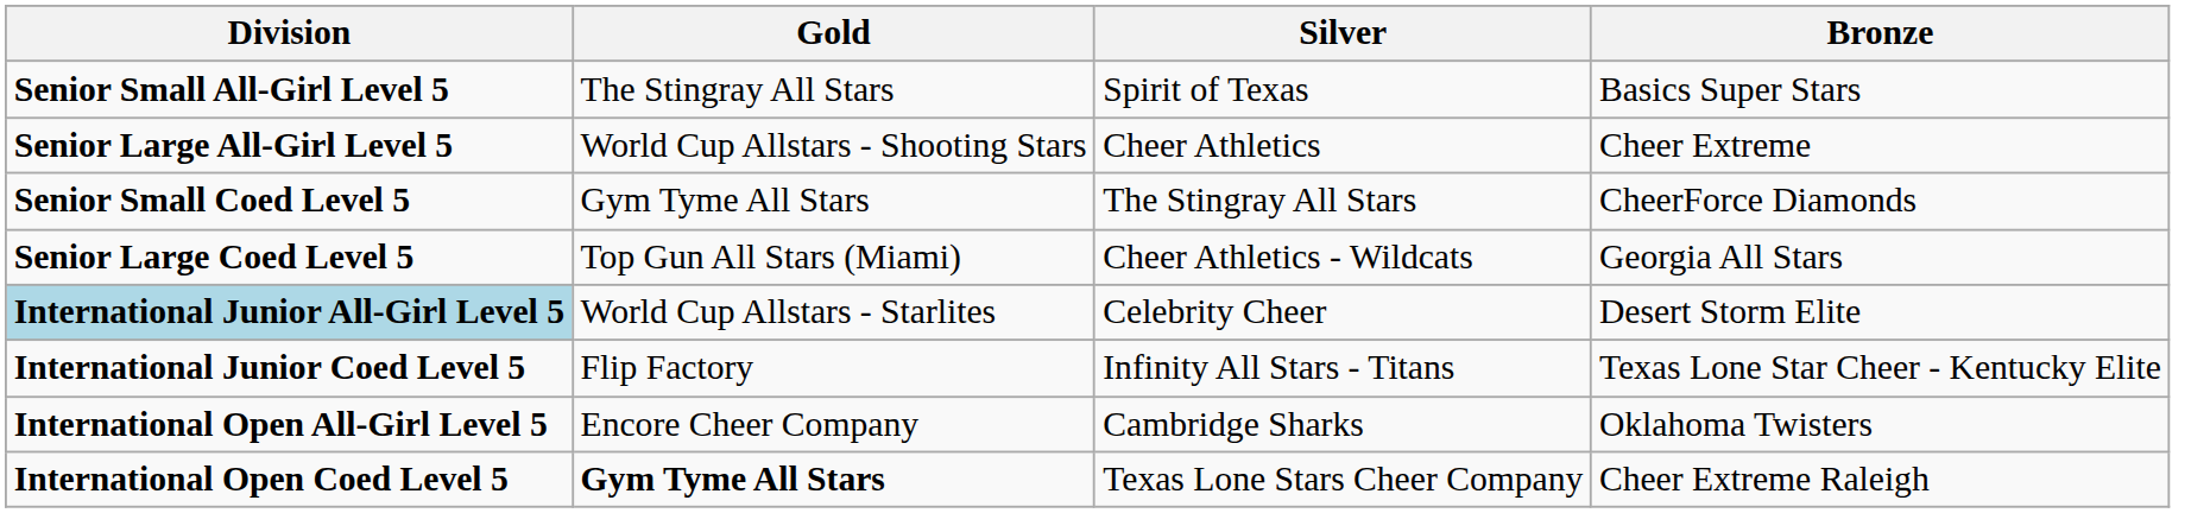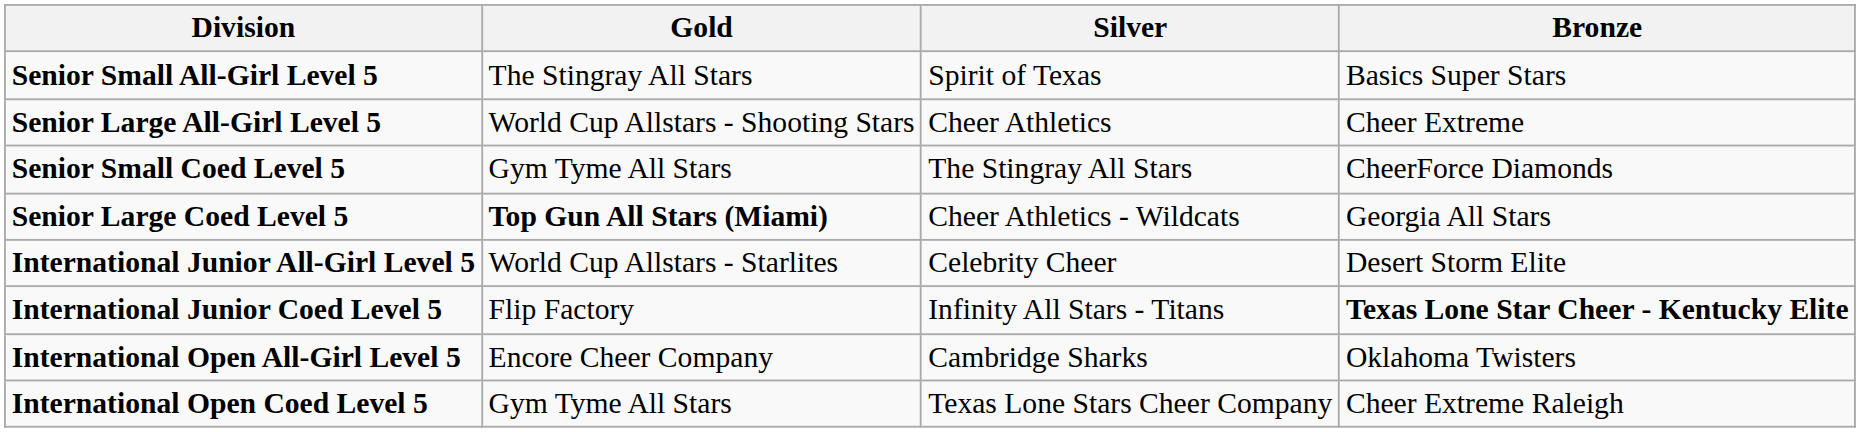 <table class="wikitable">
 <tr>
 <th><strong>Division</strong></th>
 <th><strong>Gold</strong></th>
 <th><strong>Silver</strong></th>
 <th><strong>Bronze</strong></th>
 </tr>
 <tr>
 <td><strong>Senior Small All-Girl Level 5</strong></td>
 <td>The Stingray All Stars</td>
 <td>Spirit of Texas</td>
 <td>Basics Super Stars</td>
 </tr>
 <tr>
 <td><strong>Senior Large All-Girl Level 5</strong></td>
 <td>World Cup Allstars - Shooting Stars</td>
 <td>Cheer Athletics</td>
 <td>Cheer Extreme</td>
 </tr>
 <tr>
 <td><strong>Senior Small Coed Level 5</strong></td>
 <td>Gym Tyme All Stars</td>
 <td>The Stingray All Stars</td>
 <td>CheerForce Diamonds</td>
 </tr>
 <tr>
 <td><strong>Senior Large Coed Level 5</strong></td>
-<td>Top Gun All Stars (Miami)</td>
+<td><strong>Top Gun All Stars (Miami)</strong></td>
 <td>Cheer Athletics - Wildcats</td>
 <td>Georgia All Stars</td>
 </tr>
 <tr>
-<td style="background: lightblue;"><strong>International Junior All-Girl Level 5</strong></td>
+<td><strong>International Junior All-Girl Level 5</strong></td>
 <td>World Cup Allstars - Starlites</td>
 <td>Celebrity Cheer</td>
 <td>Desert Storm Elite</td>
 </tr>
 <tr>
 <td><strong>International Junior Coed Level 5</strong></td>
 <td>Flip Factory</td>
 <td>Infinity All Stars - Titans</td>
-<td>Texas Lone Star Cheer - Kentucky Elite</td>
+<td><strong>Texas Lone Star Cheer - Kentucky Elite</strong></td>
 </tr>
 <tr>
 <td><strong>International Open All-Girl Level 5</strong></td>
 <td>Encore Cheer Company</td>
 <td>Cambridge Sharks</td>
 <td>Oklahoma Twisters</td>
 </tr>
 <tr>
 <td><strong>International Open Coed Level 5</strong></td>
-<td><strong>Gym Tyme All Stars</strong></td>
+<td>Gym Tyme All Stars</td>
 <td>Texas Lone Stars Cheer Company</td>
 <td>Cheer Extreme Raleigh</td>
 </tr>
 </table>
